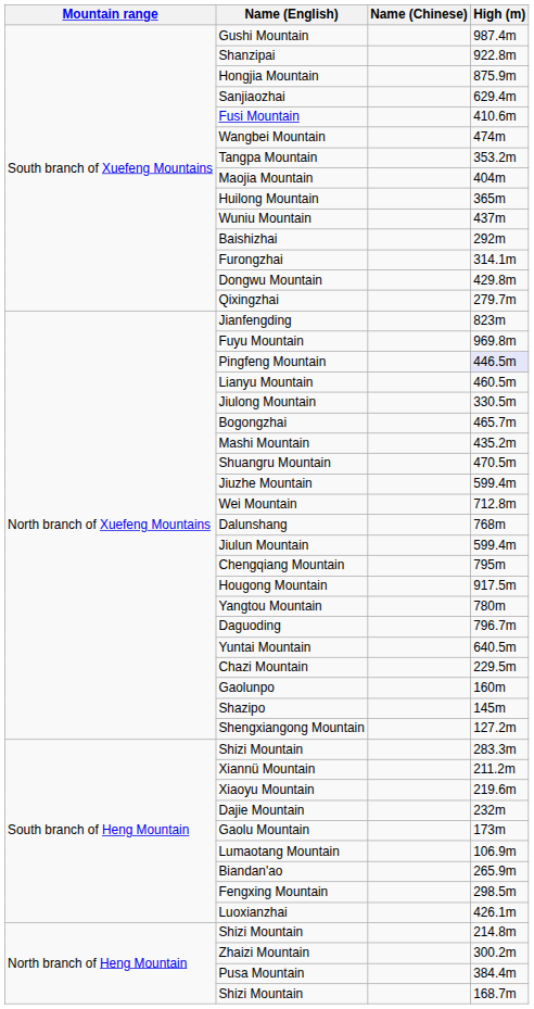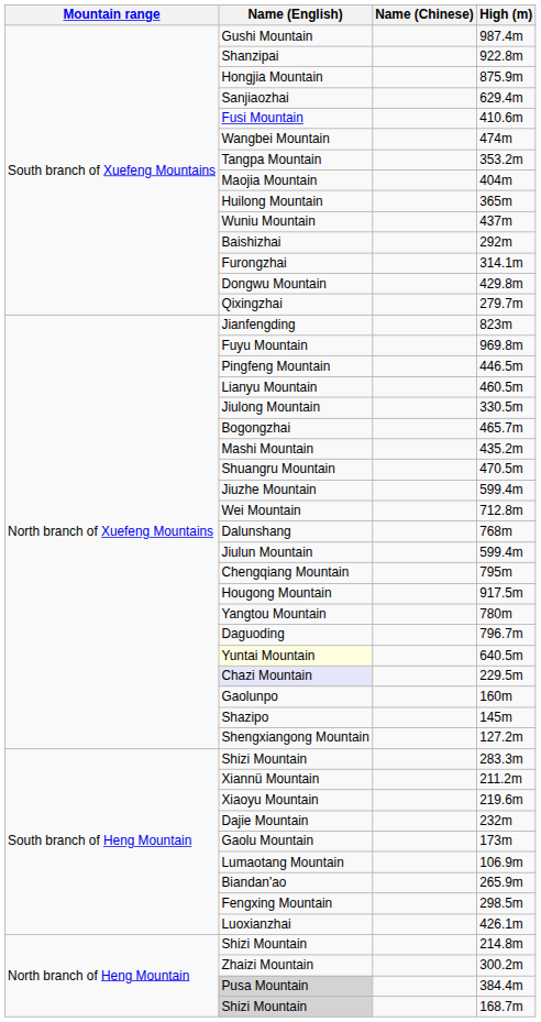 <table class="wikitable">
 <tr>
 <th><a href='#'>Mountain range</a></th>
 <th>Name (English)</th>
 <th>Name (Chinese)</th>
 <th>High (m)</th>
 </tr>
 <tr>
 <td rowspan="14">South branch of <a href='#'>Xuefeng Mountains</a></td>
 <td>Gushi Mountain</td>
 <td></td>
 <td>987.4m</td>
 </tr>
 <tr>
 <td>Shanzipai</td>
 <td></td>
 <td>922.8m</td>
 </tr>
 <tr>
 <td>Hongjia Mountain</td>
 <td></td>
 <td>875.9m</td>
 </tr>
 <tr>
 <td>Sanjiaozhai</td>
 <td></td>
 <td>629.4m</td>
 </tr>
 <tr>
 <td><a href='#'>Fusi Mountain</a></td>
 <td></td>
 <td>410.6m</td>
 </tr>
 <tr>
 <td>Wangbei Mountain</td>
 <td></td>
 <td>474m</td>
 </tr>
 <tr>
 <td>Tangpa Mountain</td>
 <td></td>
 <td>353.2m</td>
 </tr>
 <tr>
 <td>Maojia Mountain</td>
 <td></td>
 <td>404m</td>
 </tr>
 <tr>
 <td>Huilong Mountain</td>
 <td></td>
 <td>365m</td>
 </tr>
 <tr>
 <td>Wuniu Mountain</td>
 <td></td>
 <td>437m</td>
 </tr>
 <tr>
 <td>Baishizhai</td>
 <td></td>
 <td>292m</td>
 </tr>
 <tr>
 <td>Furongzhai</td>
 <td></td>
 <td>314.1m</td>
 </tr>
 <tr>
 <td>Dongwu Mountain</td>
 <td></td>
 <td>429.8m</td>
 </tr>
 <tr>
 <td>Qixingzhai</td>
 <td></td>
 <td>279.7m</td>
 </tr>
 <tr>
 <td rowspan="21">North branch of <a href='#'>Xuefeng Mountains</a></td>
 <td>Jianfengding</td>
 <td></td>
 <td>823m</td>
 </tr>
 <tr>
 <td>Fuyu Mountain</td>
 <td></td>
 <td>969.8m</td>
 </tr>
 <tr>
 <td>Pingfeng Mountain</td>
 <td></td>
-<td style="background: lavender;">446.5m</td>
+<td>446.5m</td>
 </tr>
 <tr>
 <td>Lianyu Mountain</td>
 <td></td>
 <td>460.5m</td>
 </tr>
 <tr>
 <td>Jiulong Mountain</td>
 <td></td>
 <td>330.5m</td>
 </tr>
 <tr>
 <td>Bogongzhai</td>
 <td></td>
 <td>465.7m</td>
 </tr>
 <tr>
 <td>Mashi Mountain</td>
 <td></td>
 <td>435.2m</td>
 </tr>
 <tr>
 <td>Shuangru Mountain</td>
 <td></td>
 <td>470.5m</td>
 </tr>
 <tr>
 <td>Jiuzhe Mountain</td>
 <td></td>
 <td>599.4m</td>
 </tr>
 <tr>
 <td>Wei Mountain</td>
 <td></td>
 <td>712.8m</td>
 </tr>
 <tr>
 <td>Dalunshang</td>
 <td></td>
 <td>768m</td>
 </tr>
 <tr>
 <td>Jiulun Mountain</td>
 <td></td>
 <td>599.4m</td>
 </tr>
 <tr>
 <td>Chengqiang Mountain</td>
 <td></td>
 <td>795m</td>
 </tr>
 <tr>
 <td>Hougong Mountain</td>
 <td></td>
 <td>917.5m</td>
 </tr>
 <tr>
 <td>Yangtou Mountain</td>
 <td></td>
 <td>780m</td>
 </tr>
 <tr>
 <td>Daguoding</td>
 <td></td>
 <td>796.7m</td>
 </tr>
 <tr>
-<td>Yuntai Mountain</td>
+<td style="background: lightyellow;">Yuntai Mountain</td>
 <td></td>
 <td>640.5m</td>
 </tr>
 <tr>
-<td>Chazi Mountain</td>
+<td style="background: lavender;">Chazi Mountain</td>
 <td></td>
 <td>229.5m</td>
 </tr>
 <tr>
 <td>Gaolunpo</td>
 <td></td>
 <td>160m</td>
 </tr>
 <tr>
 <td>Shazipo</td>
 <td></td>
 <td>145m</td>
 </tr>
 <tr>
 <td>Shengxiangong Mountain</td>
 <td></td>
 <td>127.2m</td>
 </tr>
 <tr>
 <td rowspan="9">South branch of <a href='#'>Heng Mountain</a></td>
 <td>Shizi Mountain</td>
 <td></td>
 <td>283.3m</td>
 </tr>
 <tr>
 <td>Xiannü Mountain</td>
 <td></td>
 <td>211.2m</td>
 </tr>
 <tr>
 <td>Xiaoyu Mountain</td>
 <td></td>
 <td>219.6m</td>
 </tr>
 <tr>
 <td>Dajie Mountain</td>
 <td></td>
 <td>232m</td>
 </tr>
 <tr>
 <td>Gaolu Mountain</td>
 <td></td>
 <td>173m</td>
 </tr>
 <tr>
 <td>Lumaotang Mountain</td>
 <td></td>
 <td>106.9m</td>
 </tr>
 <tr>
 <td>Biandan'ao</td>
 <td></td>
 <td>265.9m</td>
 </tr>
 <tr>
 <td>Fengxing Mountain</td>
 <td></td>
 <td>298.5m</td>
 </tr>
 <tr>
 <td>Luoxianzhai</td>
 <td></td>
 <td>426.1m</td>
 </tr>
 <tr>
 <td rowspan="4">North branch of <a href='#'>Heng Mountain</a></td>
 <td>Shizi Mountain</td>
 <td></td>
 <td>214.8m</td>
 </tr>
 <tr>
 <td>Zhaizi Mountain</td>
 <td></td>
 <td>300.2m</td>
 </tr>
 <tr>
-<td>Pusa Mountain</td>
+<td style="background: lightgrey;">Pusa Mountain</td>
 <td></td>
 <td>384.4m</td>
 </tr>
 <tr>
-<td>Shizi Mountain</td>
+<td style="background: lightgrey;">Shizi Mountain</td>
 <td></td>
 <td>168.7m</td>
 </tr>
 </table>
